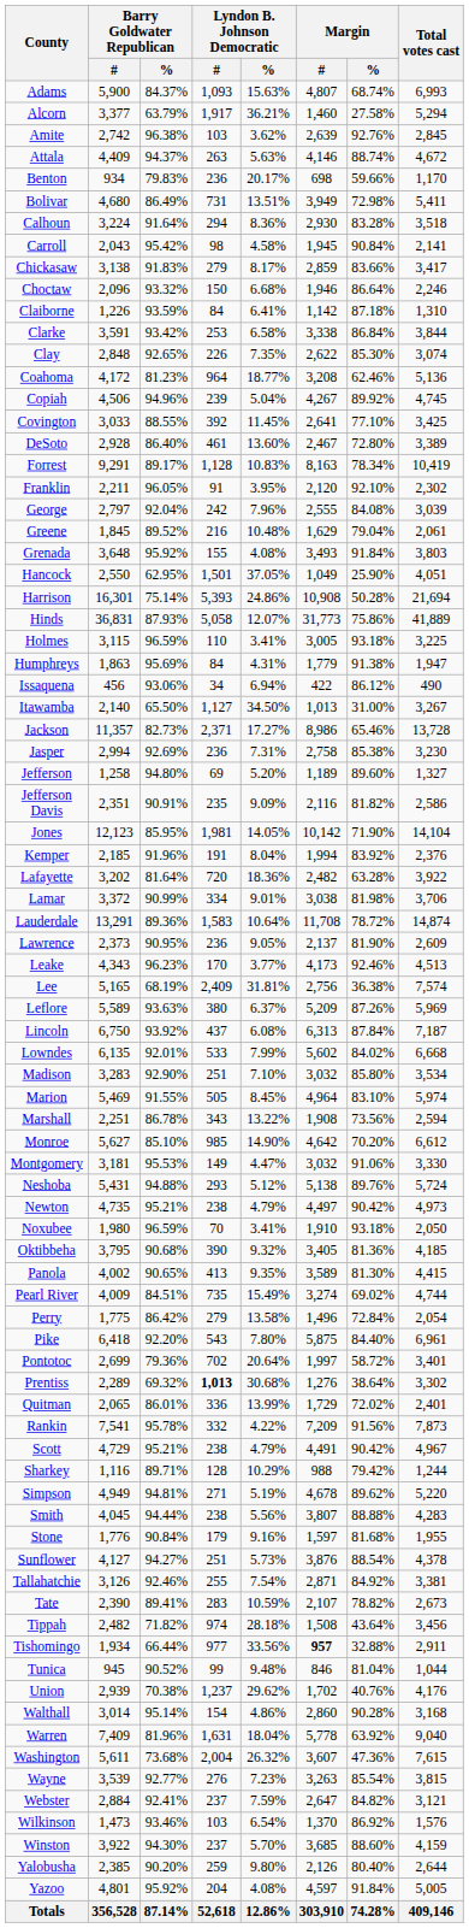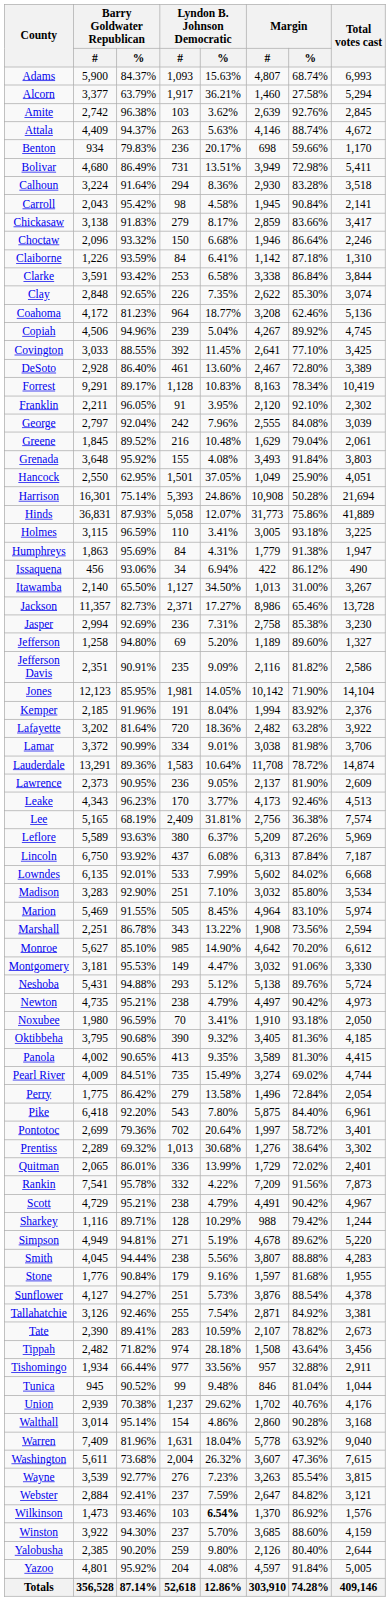 <table width="60%" class="wikitable sortable">
 <tr>
 <th style="text-align:center;" rowspan="2">County</th>
 <th style="text-align:center;" colspan="2">Barry Goldwater<br>Republican</th>
 <th style="text-align:center;" colspan="2">Lyndon B. Johnson<br>Democratic</th>
 <th style="text-align:center;" colspan="2">Margin</th>
 <th style="text-align:center;" rowspan="2">Total votes cast</th>
 </tr>
 <tr>
 <th style="text-align:center;" data-sort-type="number">#</th>
 <th style="text-align:center;" data-sort-type="number">%</th>
 <th style="text-align:center;" data-sort-type="number">#</th>
 <th style="text-align:center;" data-sort-type="number">%</th>
 <th style="text-align:center;" data-sort-type="number">#</th>
 <th style="text-align:center;" data-sort-type="number">%</th>
 </tr>
 <tr style="text-align:center;">
 <td><a href='#'>Adams</a></td>
 <td>5,900</td>
 <td>84.37%</td>
 <td>1,093</td>
 <td>15.63%</td>
 <td>4,807</td>
 <td>68.74%</td>
 <td>6,993</td>
 </tr>
 <tr style="text-align:center;">
 <td><a href='#'>Alcorn</a></td>
 <td>3,377</td>
 <td>63.79%</td>
 <td>1,917</td>
 <td>36.21%</td>
 <td>1,460</td>
 <td>27.58%</td>
 <td>5,294</td>
 </tr>
 <tr style="text-align:center;">
 <td><a href='#'>Amite</a></td>
 <td>2,742</td>
 <td>96.38%</td>
 <td>103</td>
 <td>3.62%</td>
 <td>2,639</td>
 <td>92.76%</td>
 <td>2,845</td>
 </tr>
 <tr style="text-align:center;">
 <td><a href='#'>Attala</a></td>
 <td>4,409</td>
 <td>94.37%</td>
 <td>263</td>
 <td>5.63%</td>
 <td>4,146</td>
 <td>88.74%</td>
 <td>4,672</td>
 </tr>
 <tr style="text-align:center;">
 <td><a href='#'>Benton</a></td>
 <td>934</td>
 <td>79.83%</td>
 <td>236</td>
 <td>20.17%</td>
 <td>698</td>
 <td>59.66%</td>
 <td>1,170</td>
 </tr>
 <tr style="text-align:center;">
 <td><a href='#'>Bolivar</a></td>
 <td>4,680</td>
 <td>86.49%</td>
 <td>731</td>
 <td>13.51%</td>
 <td>3,949</td>
 <td>72.98%</td>
 <td>5,411</td>
 </tr>
 <tr style="text-align:center;">
 <td><a href='#'>Calhoun</a></td>
 <td>3,224</td>
 <td>91.64%</td>
 <td>294</td>
 <td>8.36%</td>
 <td>2,930</td>
 <td>83.28%</td>
 <td>3,518</td>
 </tr>
 <tr style="text-align:center;">
 <td><a href='#'>Carroll</a></td>
 <td>2,043</td>
 <td>95.42%</td>
 <td>98</td>
 <td>4.58%</td>
 <td>1,945</td>
 <td>90.84%</td>
 <td>2,141</td>
 </tr>
 <tr style="text-align:center;">
 <td><a href='#'>Chickasaw</a></td>
 <td>3,138</td>
 <td>91.83%</td>
 <td>279</td>
 <td>8.17%</td>
 <td>2,859</td>
 <td>83.66%</td>
 <td>3,417</td>
 </tr>
 <tr style="text-align:center;">
 <td><a href='#'>Choctaw</a></td>
 <td>2,096</td>
 <td>93.32%</td>
 <td>150</td>
 <td>6.68%</td>
 <td>1,946</td>
 <td>86.64%</td>
 <td>2,246</td>
 </tr>
 <tr style="text-align:center;">
 <td><a href='#'>Claiborne</a></td>
 <td>1,226</td>
 <td>93.59%</td>
 <td>84</td>
 <td>6.41%</td>
 <td>1,142</td>
 <td>87.18%</td>
 <td>1,310</td>
 </tr>
 <tr style="text-align:center;">
 <td><a href='#'>Clarke</a></td>
 <td>3,591</td>
 <td>93.42%</td>
 <td>253</td>
 <td>6.58%</td>
 <td>3,338</td>
 <td>86.84%</td>
 <td>3,844</td>
 </tr>
 <tr style="text-align:center;">
 <td><a href='#'>Clay</a></td>
 <td>2,848</td>
 <td>92.65%</td>
 <td>226</td>
 <td>7.35%</td>
 <td>2,622</td>
 <td>85.30%</td>
 <td>3,074</td>
 </tr>
 <tr style="text-align:center;">
 <td><a href='#'>Coahoma</a></td>
 <td>4,172</td>
 <td>81.23%</td>
 <td>964</td>
 <td>18.77%</td>
 <td>3,208</td>
 <td>62.46%</td>
 <td>5,136</td>
 </tr>
 <tr style="text-align:center;">
 <td><a href='#'>Copiah</a></td>
 <td>4,506</td>
 <td>94.96%</td>
 <td>239</td>
 <td>5.04%</td>
 <td>4,267</td>
 <td>89.92%</td>
 <td>4,745</td>
 </tr>
 <tr style="text-align:center;">
 <td><a href='#'>Covington</a></td>
 <td>3,033</td>
 <td>88.55%</td>
 <td>392</td>
 <td>11.45%</td>
 <td>2,641</td>
 <td>77.10%</td>
 <td>3,425</td>
 </tr>
 <tr style="text-align:center;">
 <td><a href='#'>DeSoto</a></td>
 <td>2,928</td>
 <td>86.40%</td>
 <td>461</td>
 <td>13.60%</td>
 <td>2,467</td>
 <td>72.80%</td>
 <td>3,389</td>
 </tr>
 <tr style="text-align:center;">
 <td><a href='#'>Forrest</a></td>
 <td>9,291</td>
 <td>89.17%</td>
 <td>1,128</td>
 <td>10.83%</td>
 <td>8,163</td>
 <td>78.34%</td>
 <td>10,419</td>
 </tr>
 <tr style="text-align:center;">
 <td><a href='#'>Franklin</a></td>
 <td>2,211</td>
 <td>96.05%</td>
 <td>91</td>
 <td>3.95%</td>
 <td>2,120</td>
 <td>92.10%</td>
 <td>2,302</td>
 </tr>
 <tr style="text-align:center;">
 <td><a href='#'>George</a></td>
 <td>2,797</td>
 <td>92.04%</td>
 <td>242</td>
 <td>7.96%</td>
 <td>2,555</td>
 <td>84.08%</td>
 <td>3,039</td>
 </tr>
 <tr style="text-align:center;">
 <td><a href='#'>Greene</a></td>
 <td>1,845</td>
 <td>89.52%</td>
 <td>216</td>
 <td>10.48%</td>
 <td>1,629</td>
 <td>79.04%</td>
 <td>2,061</td>
 </tr>
 <tr style="text-align:center;">
 <td><a href='#'>Grenada</a></td>
 <td>3,648</td>
 <td>95.92%</td>
 <td>155</td>
 <td>4.08%</td>
 <td>3,493</td>
 <td>91.84%</td>
 <td>3,803</td>
 </tr>
 <tr style="text-align:center;">
 <td><a href='#'>Hancock</a></td>
 <td>2,550</td>
 <td>62.95%</td>
 <td>1,501</td>
 <td>37.05%</td>
 <td>1,049</td>
 <td>25.90%</td>
 <td>4,051</td>
 </tr>
 <tr style="text-align:center;">
 <td><a href='#'>Harrison</a></td>
 <td>16,301</td>
 <td>75.14%</td>
 <td>5,393</td>
 <td>24.86%</td>
 <td>10,908</td>
 <td>50.28%</td>
 <td>21,694</td>
 </tr>
 <tr style="text-align:center;">
 <td><a href='#'>Hinds</a></td>
 <td>36,831</td>
 <td>87.93%</td>
 <td>5,058</td>
 <td>12.07%</td>
 <td>31,773</td>
 <td>75.86%</td>
 <td>41,889</td>
 </tr>
 <tr style="text-align:center;">
 <td><a href='#'>Holmes</a></td>
 <td>3,115</td>
 <td>96.59%</td>
 <td>110</td>
 <td>3.41%</td>
 <td>3,005</td>
 <td>93.18%</td>
 <td>3,225</td>
 </tr>
 <tr style="text-align:center;">
 <td><a href='#'>Humphreys</a></td>
 <td>1,863</td>
 <td>95.69%</td>
 <td>84</td>
 <td>4.31%</td>
 <td>1,779</td>
 <td>91.38%</td>
 <td>1,947</td>
 </tr>
 <tr style="text-align:center;">
 <td><a href='#'>Issaquena</a></td>
 <td>456</td>
 <td>93.06%</td>
 <td>34</td>
 <td>6.94%</td>
 <td>422</td>
 <td>86.12%</td>
 <td>490</td>
 </tr>
 <tr style="text-align:center;">
 <td><a href='#'>Itawamba</a></td>
 <td>2,140</td>
 <td>65.50%</td>
 <td>1,127</td>
 <td>34.50%</td>
 <td>1,013</td>
 <td>31.00%</td>
 <td>3,267</td>
 </tr>
 <tr style="text-align:center;">
 <td><a href='#'>Jackson</a></td>
 <td>11,357</td>
 <td>82.73%</td>
 <td>2,371</td>
 <td>17.27%</td>
 <td>8,986</td>
 <td>65.46%</td>
 <td>13,728</td>
 </tr>
 <tr style="text-align:center;">
 <td><a href='#'>Jasper</a></td>
 <td>2,994</td>
 <td>92.69%</td>
 <td>236</td>
 <td>7.31%</td>
 <td>2,758</td>
 <td>85.38%</td>
 <td>3,230</td>
 </tr>
 <tr style="text-align:center;">
 <td><a href='#'>Jefferson</a></td>
 <td>1,258</td>
 <td>94.80%</td>
 <td>69</td>
 <td>5.20%</td>
 <td>1,189</td>
 <td>89.60%</td>
 <td>1,327</td>
 </tr>
 <tr style="text-align:center;">
 <td><a href='#'>Jefferson Davis</a></td>
 <td>2,351</td>
 <td>90.91%</td>
 <td>235</td>
 <td>9.09%</td>
 <td>2,116</td>
 <td>81.82%</td>
 <td>2,586</td>
 </tr>
 <tr style="text-align:center;">
 <td><a href='#'>Jones</a></td>
 <td>12,123</td>
 <td>85.95%</td>
 <td>1,981</td>
 <td>14.05%</td>
 <td>10,142</td>
 <td>71.90%</td>
 <td>14,104</td>
 </tr>
 <tr style="text-align:center;">
 <td><a href='#'>Kemper</a></td>
 <td>2,185</td>
 <td>91.96%</td>
 <td>191</td>
 <td>8.04%</td>
 <td>1,994</td>
 <td>83.92%</td>
 <td>2,376</td>
 </tr>
 <tr style="text-align:center;">
 <td><a href='#'>Lafayette</a></td>
 <td>3,202</td>
 <td>81.64%</td>
 <td>720</td>
 <td>18.36%</td>
 <td>2,482</td>
 <td>63.28%</td>
 <td>3,922</td>
 </tr>
 <tr style="text-align:center;">
 <td><a href='#'>Lamar</a></td>
 <td>3,372</td>
 <td>90.99%</td>
 <td>334</td>
 <td>9.01%</td>
 <td>3,038</td>
 <td>81.98%</td>
 <td>3,706</td>
 </tr>
 <tr style="text-align:center;">
 <td><a href='#'>Lauderdale</a></td>
 <td>13,291</td>
 <td>89.36%</td>
 <td>1,583</td>
 <td>10.64%</td>
 <td>11,708</td>
 <td>78.72%</td>
 <td>14,874</td>
 </tr>
 <tr style="text-align:center;">
 <td><a href='#'>Lawrence</a></td>
 <td>2,373</td>
 <td>90.95%</td>
 <td>236</td>
 <td>9.05%</td>
 <td>2,137</td>
 <td>81.90%</td>
 <td>2,609</td>
 </tr>
 <tr style="text-align:center;">
 <td><a href='#'>Leake</a></td>
 <td>4,343</td>
 <td>96.23%</td>
 <td>170</td>
 <td>3.77%</td>
 <td>4,173</td>
 <td>92.46%</td>
 <td>4,513</td>
 </tr>
 <tr style="text-align:center;">
 <td><a href='#'>Lee</a></td>
 <td>5,165</td>
 <td>68.19%</td>
 <td>2,409</td>
 <td>31.81%</td>
 <td>2,756</td>
 <td>36.38%</td>
 <td>7,574</td>
 </tr>
 <tr style="text-align:center;">
 <td><a href='#'>Leflore</a></td>
 <td>5,589</td>
 <td>93.63%</td>
 <td>380</td>
 <td>6.37%</td>
 <td>5,209</td>
 <td>87.26%</td>
 <td>5,969</td>
 </tr>
 <tr style="text-align:center;">
 <td><a href='#'>Lincoln</a></td>
 <td>6,750</td>
 <td>93.92%</td>
 <td>437</td>
 <td>6.08%</td>
 <td>6,313</td>
 <td>87.84%</td>
 <td>7,187</td>
 </tr>
 <tr style="text-align:center;">
 <td><a href='#'>Lowndes</a></td>
 <td>6,135</td>
 <td>92.01%</td>
 <td>533</td>
 <td>7.99%</td>
 <td>5,602</td>
 <td>84.02%</td>
 <td>6,668</td>
 </tr>
 <tr style="text-align:center;">
 <td><a href='#'>Madison</a></td>
 <td>3,283</td>
 <td>92.90%</td>
 <td>251</td>
 <td>7.10%</td>
 <td>3,032</td>
 <td>85.80%</td>
 <td>3,534</td>
 </tr>
 <tr style="text-align:center;">
 <td><a href='#'>Marion</a></td>
 <td>5,469</td>
 <td>91.55%</td>
 <td>505</td>
 <td>8.45%</td>
 <td>4,964</td>
 <td>83.10%</td>
 <td>5,974</td>
 </tr>
 <tr style="text-align:center;">
 <td><a href='#'>Marshall</a></td>
 <td>2,251</td>
 <td>86.78%</td>
 <td>343</td>
 <td>13.22%</td>
 <td>1,908</td>
 <td>73.56%</td>
 <td>2,594</td>
 </tr>
 <tr style="text-align:center;">
 <td><a href='#'>Monroe</a></td>
 <td>5,627</td>
 <td>85.10%</td>
 <td>985</td>
 <td>14.90%</td>
 <td>4,642</td>
 <td>70.20%</td>
 <td>6,612</td>
 </tr>
 <tr style="text-align:center;">
 <td><a href='#'>Montgomery</a></td>
 <td>3,181</td>
 <td>95.53%</td>
 <td>149</td>
 <td>4.47%</td>
 <td>3,032</td>
 <td>91.06%</td>
 <td>3,330</td>
 </tr>
 <tr style="text-align:center;">
 <td><a href='#'>Neshoba</a></td>
 <td>5,431</td>
 <td>94.88%</td>
 <td>293</td>
 <td>5.12%</td>
 <td>5,138</td>
 <td>89.76%</td>
 <td>5,724</td>
 </tr>
 <tr style="text-align:center;">
 <td><a href='#'>Newton</a></td>
 <td>4,735</td>
 <td>95.21%</td>
 <td>238</td>
 <td>4.79%</td>
 <td>4,497</td>
 <td>90.42%</td>
 <td>4,973</td>
 </tr>
 <tr style="text-align:center;">
 <td><a href='#'>Noxubee</a></td>
 <td>1,980</td>
 <td>96.59%</td>
 <td>70</td>
 <td>3.41%</td>
 <td>1,910</td>
 <td>93.18%</td>
 <td>2,050</td>
 </tr>
 <tr style="text-align:center;">
 <td><a href='#'>Oktibbeha</a></td>
 <td>3,795</td>
 <td>90.68%</td>
 <td>390</td>
 <td>9.32%</td>
 <td>3,405</td>
 <td>81.36%</td>
 <td>4,185</td>
 </tr>
 <tr style="text-align:center;">
 <td><a href='#'>Panola</a></td>
 <td>4,002</td>
 <td>90.65%</td>
 <td>413</td>
 <td>9.35%</td>
 <td>3,589</td>
 <td>81.30%</td>
 <td>4,415</td>
 </tr>
 <tr style="text-align:center;">
 <td><a href='#'>Pearl River</a></td>
 <td>4,009</td>
 <td>84.51%</td>
 <td>735</td>
 <td>15.49%</td>
 <td>3,274</td>
 <td>69.02%</td>
 <td>4,744</td>
 </tr>
 <tr style="text-align:center;">
 <td><a href='#'>Perry</a></td>
 <td>1,775</td>
 <td>86.42%</td>
 <td>279</td>
 <td>13.58%</td>
 <td>1,496</td>
 <td>72.84%</td>
 <td>2,054</td>
 </tr>
 <tr style="text-align:center;">
 <td><a href='#'>Pike</a></td>
 <td>6,418</td>
 <td>92.20%</td>
 <td>543</td>
 <td>7.80%</td>
 <td>5,875</td>
 <td>84.40%</td>
 <td>6,961</td>
 </tr>
 <tr style="text-align:center;">
 <td><a href='#'>Pontotoc</a></td>
 <td>2,699</td>
 <td>79.36%</td>
 <td>702</td>
 <td>20.64%</td>
 <td>1,997</td>
 <td>58.72%</td>
 <td>3,401</td>
 </tr>
 <tr style="text-align:center;">
 <td><a href='#'>Prentiss</a></td>
 <td>2,289</td>
 <td>69.32%</td>
-<td><strong>1,013</strong></td>
+<td>1,013</td>
 <td>30.68%</td>
 <td>1,276</td>
 <td>38.64%</td>
 <td>3,302</td>
 </tr>
 <tr style="text-align:center;">
 <td><a href='#'>Quitman</a></td>
 <td>2,065</td>
 <td>86.01%</td>
 <td>336</td>
 <td>13.99%</td>
 <td>1,729</td>
 <td>72.02%</td>
 <td>2,401</td>
 </tr>
 <tr style="text-align:center;">
 <td><a href='#'>Rankin</a></td>
 <td>7,541</td>
 <td>95.78%</td>
 <td>332</td>
 <td>4.22%</td>
 <td>7,209</td>
 <td>91.56%</td>
 <td>7,873</td>
 </tr>
 <tr style="text-align:center;">
 <td><a href='#'>Scott</a></td>
 <td>4,729</td>
 <td>95.21%</td>
 <td>238</td>
 <td>4.79%</td>
 <td>4,491</td>
 <td>90.42%</td>
 <td>4,967</td>
 </tr>
 <tr style="text-align:center;">
 <td><a href='#'>Sharkey</a></td>
 <td>1,116</td>
 <td>89.71%</td>
 <td>128</td>
 <td>10.29%</td>
 <td>988</td>
 <td>79.42%</td>
 <td>1,244</td>
 </tr>
 <tr style="text-align:center;">
 <td><a href='#'>Simpson</a></td>
 <td>4,949</td>
 <td>94.81%</td>
 <td>271</td>
 <td>5.19%</td>
 <td>4,678</td>
 <td>89.62%</td>
 <td>5,220</td>
 </tr>
 <tr style="text-align:center;">
 <td><a href='#'>Smith</a></td>
 <td>4,045</td>
 <td>94.44%</td>
 <td>238</td>
 <td>5.56%</td>
 <td>3,807</td>
 <td>88.88%</td>
 <td>4,283</td>
 </tr>
 <tr style="text-align:center;">
 <td><a href='#'>Stone</a></td>
 <td>1,776</td>
 <td>90.84%</td>
 <td>179</td>
 <td>9.16%</td>
 <td>1,597</td>
 <td>81.68%</td>
 <td>1,955</td>
 </tr>
 <tr style="text-align:center;">
 <td><a href='#'>Sunflower</a></td>
 <td>4,127</td>
 <td>94.27%</td>
 <td>251</td>
 <td>5.73%</td>
 <td>3,876</td>
 <td>88.54%</td>
 <td>4,378</td>
 </tr>
 <tr style="text-align:center;">
 <td><a href='#'>Tallahatchie</a></td>
 <td>3,126</td>
 <td>92.46%</td>
 <td>255</td>
 <td>7.54%</td>
 <td>2,871</td>
 <td>84.92%</td>
 <td>3,381</td>
 </tr>
 <tr style="text-align:center;">
 <td><a href='#'>Tate</a></td>
 <td>2,390</td>
 <td>89.41%</td>
 <td>283</td>
 <td>10.59%</td>
 <td>2,107</td>
 <td>78.82%</td>
 <td>2,673</td>
 </tr>
 <tr style="text-align:center;">
 <td><a href='#'>Tippah</a></td>
 <td>2,482</td>
 <td>71.82%</td>
 <td>974</td>
 <td>28.18%</td>
 <td>1,508</td>
 <td>43.64%</td>
 <td>3,456</td>
 </tr>
 <tr style="text-align:center;">
 <td><a href='#'>Tishomingo</a></td>
 <td>1,934</td>
 <td>66.44%</td>
 <td>977</td>
 <td>33.56%</td>
-<td><strong>957</strong></td>
+<td>957</td>
 <td>32.88%</td>
 <td>2,911</td>
 </tr>
 <tr style="text-align:center;">
 <td><a href='#'>Tunica</a></td>
 <td>945</td>
 <td>90.52%</td>
 <td>99</td>
 <td>9.48%</td>
 <td>846</td>
 <td>81.04%</td>
 <td>1,044</td>
 </tr>
 <tr style="text-align:center;">
 <td><a href='#'>Union</a></td>
 <td>2,939</td>
 <td>70.38%</td>
 <td>1,237</td>
 <td>29.62%</td>
 <td>1,702</td>
 <td>40.76%</td>
 <td>4,176</td>
 </tr>
 <tr style="text-align:center;">
 <td><a href='#'>Walthall</a></td>
 <td>3,014</td>
 <td>95.14%</td>
 <td>154</td>
 <td>4.86%</td>
 <td>2,860</td>
 <td>90.28%</td>
 <td>3,168</td>
 </tr>
 <tr style="text-align:center;">
 <td><a href='#'>Warren</a></td>
 <td>7,409</td>
 <td>81.96%</td>
 <td>1,631</td>
 <td>18.04%</td>
 <td>5,778</td>
 <td>63.92%</td>
 <td>9,040</td>
 </tr>
 <tr style="text-align:center;">
 <td><a href='#'>Washington</a></td>
 <td>5,611</td>
 <td>73.68%</td>
 <td>2,004</td>
 <td>26.32%</td>
 <td>3,607</td>
 <td>47.36%</td>
 <td>7,615</td>
 </tr>
 <tr style="text-align:center;">
 <td><a href='#'>Wayne</a></td>
 <td>3,539</td>
 <td>92.77%</td>
 <td>276</td>
 <td>7.23%</td>
 <td>3,263</td>
 <td>85.54%</td>
 <td>3,815</td>
 </tr>
 <tr style="text-align:center;">
 <td><a href='#'>Webster</a></td>
 <td>2,884</td>
 <td>92.41%</td>
 <td>237</td>
 <td>7.59%</td>
 <td>2,647</td>
 <td>84.82%</td>
 <td>3,121</td>
 </tr>
 <tr style="text-align:center;">
 <td><a href='#'>Wilkinson</a></td>
 <td>1,473</td>
 <td>93.46%</td>
 <td>103</td>
-<td>6.54%</td>
+<td><strong>6.54%</strong></td>
 <td>1,370</td>
 <td>86.92%</td>
 <td>1,576</td>
 </tr>
 <tr style="text-align:center;">
 <td><a href='#'>Winston</a></td>
 <td>3,922</td>
 <td>94.30%</td>
 <td>237</td>
 <td>5.70%</td>
 <td>3,685</td>
 <td>88.60%</td>
 <td>4,159</td>
 </tr>
 <tr style="text-align:center;">
 <td><a href='#'>Yalobusha</a></td>
 <td>2,385</td>
 <td>90.20%</td>
 <td>259</td>
 <td>9.80%</td>
 <td>2,126</td>
 <td>80.40%</td>
 <td>2,644</td>
 </tr>
 <tr style="text-align:center;">
 <td><a href='#'>Yazoo</a></td>
 <td>4,801</td>
 <td>95.92%</td>
 <td>204</td>
 <td>4.08%</td>
 <td>4,597</td>
 <td>91.84%</td>
 <td>5,005</td>
 </tr>
 <tr style="text-align:center;">
 <th>Totals</th>
 <th>356,528</th>
 <th>87.14%</th>
 <th>52,618</th>
 <th>12.86%</th>
 <th>303,910</th>
 <th>74.28%</th>
 <th>409,146</th>
 </tr>
 </table>
